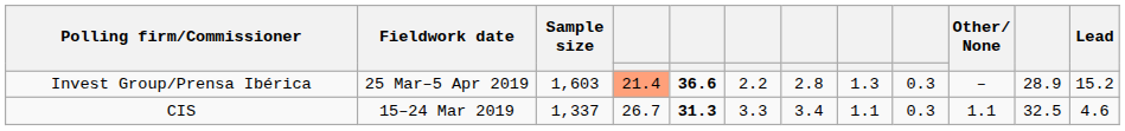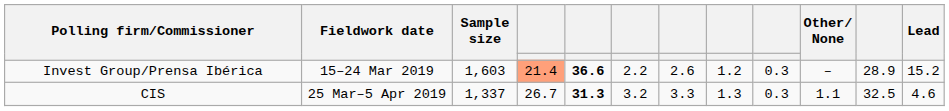 <table class="wikitable collapsible collapsed" style="text-align:center; font-size:90%; line-height:14px;">
 <tr style="height:42px;">
 <th style="width:250px;" rowspan="2">Polling firm/Commissioner</th>
 <th style="width:125px;" rowspan="2">Fieldwork date</th>
 <th style="width:50px;" rowspan="2">Sample size</th>
 <th style="width:35px;"></th>
 <th style="width:35px;"></th>
 <th style="width:35px;"></th>
 <th style="width:35px;"></th>
 <th style="width:35px;"></th>
 <th style="width:35px;"></th>
 <th style="width:35px;" rowspan="2">Other/<br>None</th>
 <th style="width:35px;" rowspan="2"></th>
 <th style="width:30px;" rowspan="2">Lead</th>
 </tr>
 <tr>
 <th style="color:inherit;background:"></th>
 <th style="color:inherit;background:"></th>
 <th style="color:inherit;background:"></th>
 <th style="color:inherit;background:"></th>
 <th style="color:inherit;background:"></th>
 <th style="color:inherit;background:"></th>
 </tr>
 <tr>
 <td>Invest Group/Prensa Ibérica</td>
-<td>25 Mar–5 Apr 2019</td>
+<td>15–24 Mar 2019</td>
 <td>1,603</td>
 <td style="background: lightsalmon;">21.4</td>
 <td><strong>36.6</strong></td>
 <td>2.2</td>
-<td>2.8</td>
-<td>1.3</td>
+<td>2.6</td>
+<td>1.2</td>
 <td>0.3</td>
 <td>–</td>
 <td>28.9</td>
 <td style="background:">15.2</td>
 </tr>
 <tr>
 <td>CIS</td>
-<td>15–24 Mar 2019</td>
+<td>25 Mar–5 Apr 2019</td>
 <td>1,337</td>
 <td>26.7</td>
 <td><strong>31.3</strong></td>
+<td>3.2</td>
 <td>3.3</td>
-<td>3.4</td>
-<td>1.1</td>
+<td>1.3</td>
 <td>0.3</td>
 <td>1.1</td>
 <td>32.5</td>
 <td style="background:">4.6</td>
 </tr>
 </table>
